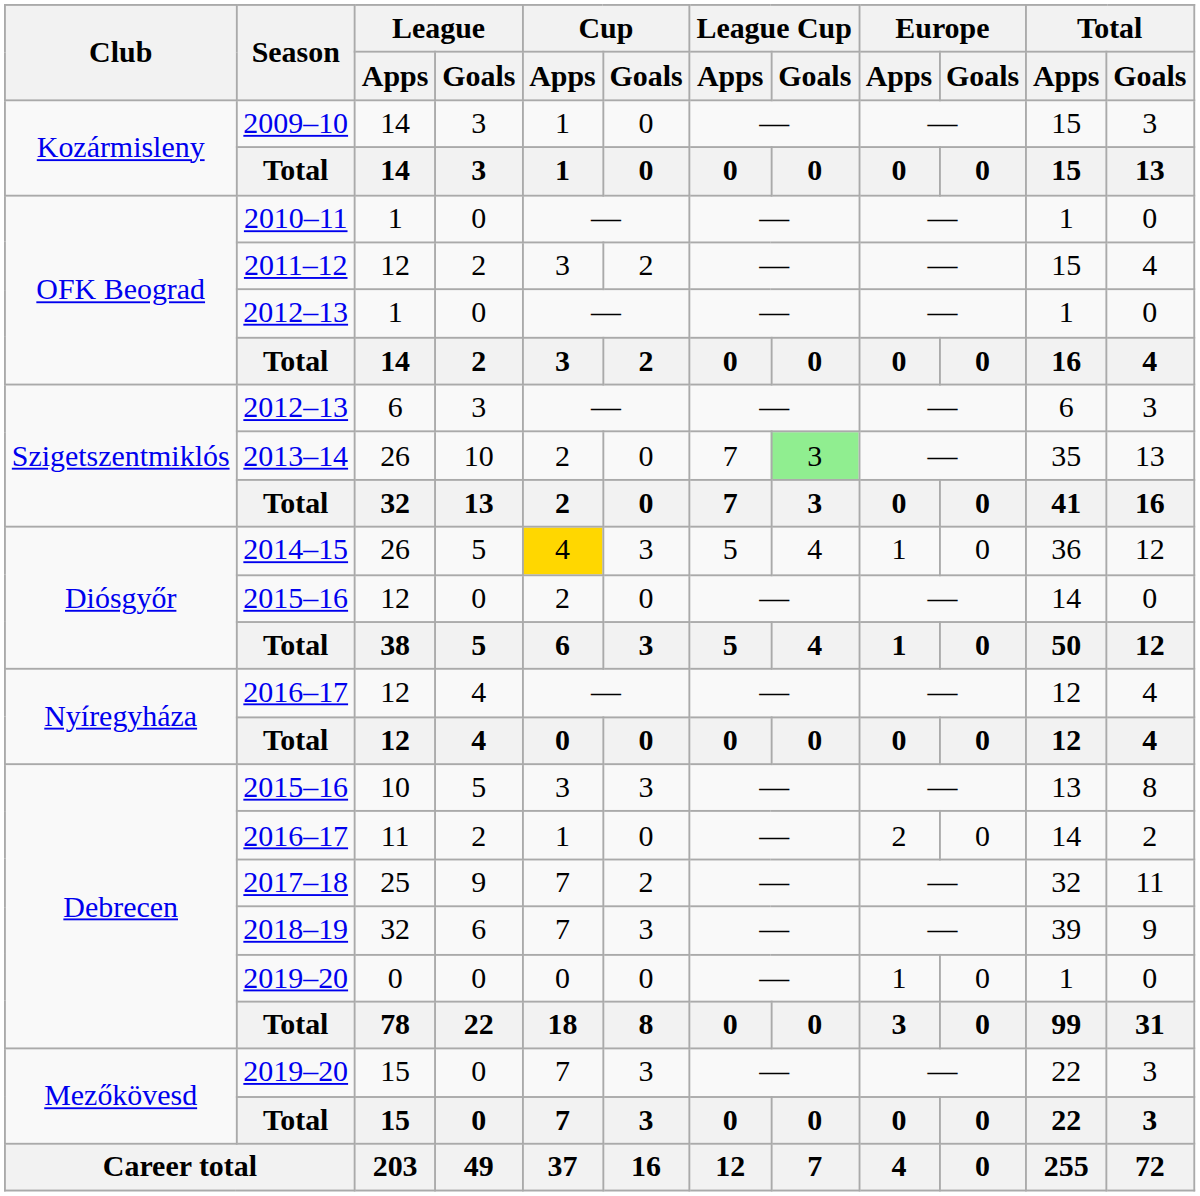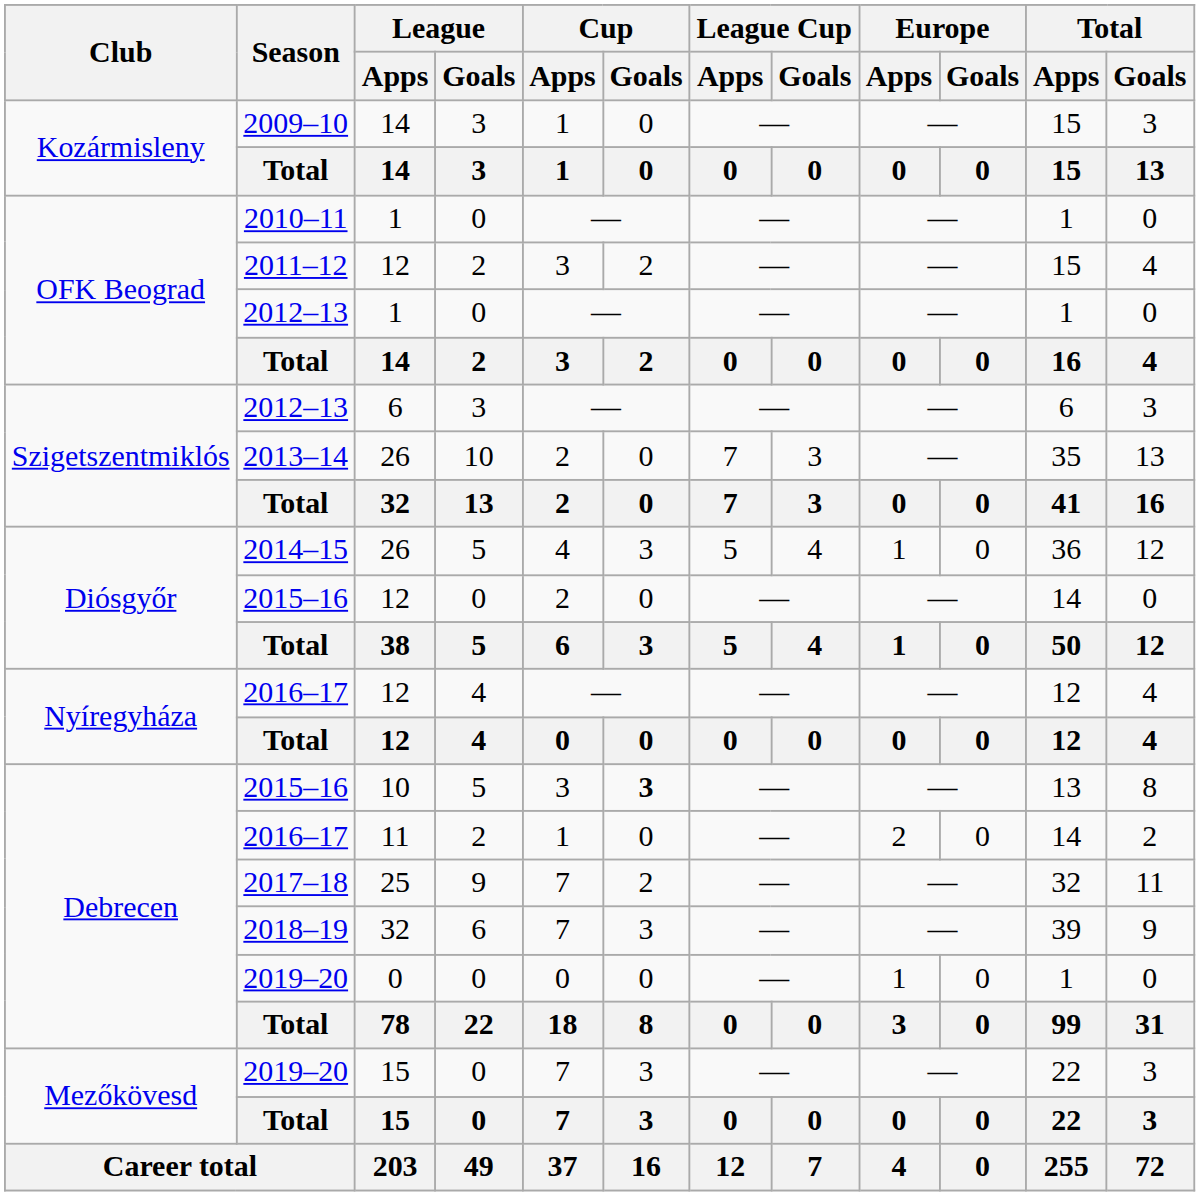 <table class="wikitable" style="text-align:center">
 <tr>
 <th rowspan="2">Club</th>
 <th rowspan="2">Season</th>
 <th colspan="2">League</th>
 <th colspan="2">Cup</th>
 <th colspan="2">League Cup</th>
 <th colspan="2">Europe</th>
 <th colspan="2">Total</th>
 </tr>
 <tr>
 <th>Apps</th>
 <th>Goals</th>
 <th>Apps</th>
 <th>Goals</th>
 <th>Apps</th>
 <th>Goals</th>
 <th>Apps</th>
 <th>Goals</th>
 <th>Apps</th>
 <th>Goals</th>
 </tr>
 <tr>
 <td rowspan="2"><a href='#'>Kozármisleny</a></td>
 <td><a href='#'>2009–10</a></td>
 <td>14</td>
 <td>3</td>
 <td>1</td>
 <td>0</td>
 <td colspan="2">—</td>
 <td colspan="2">—</td>
 <td>15</td>
 <td>3</td>
 </tr>
 <tr>
 <th>Total</th>
 <th>14</th>
 <th>3</th>
 <th>1</th>
 <th>0</th>
 <th>0</th>
 <th>0</th>
 <th>0</th>
 <th>0</th>
 <th>15</th>
 <th>13</th>
 </tr>
 <tr>
 <td rowspan="4"><a href='#'>OFK Beograd</a></td>
 <td><a href='#'>2010–11</a></td>
 <td>1</td>
 <td>0</td>
 <td colspan="2">—</td>
 <td colspan="2">—</td>
 <td colspan="2">—</td>
 <td>1</td>
 <td>0</td>
 </tr>
 <tr>
 <td><a href='#'>2011–12</a></td>
 <td>12</td>
 <td>2</td>
 <td>3</td>
 <td>2</td>
 <td colspan="2">—</td>
 <td colspan="2">—</td>
 <td>15</td>
 <td>4</td>
 </tr>
 <tr>
 <td><a href='#'>2012–13</a></td>
 <td>1</td>
 <td>0</td>
 <td colspan="2">—</td>
 <td colspan="2">—</td>
 <td colspan="2">—</td>
 <td>1</td>
 <td>0</td>
 </tr>
 <tr>
 <th>Total</th>
 <th>14</th>
 <th>2</th>
 <th>3</th>
 <th>2</th>
 <th>0</th>
 <th>0</th>
 <th>0</th>
 <th>0</th>
 <th>16</th>
 <th>4</th>
 </tr>
 <tr>
 <td rowspan="3"><a href='#'>Szigetszentmiklós</a></td>
 <td><a href='#'>2012–13</a></td>
 <td>6</td>
 <td>3</td>
 <td colspan="2">—</td>
 <td colspan="2">—</td>
 <td colspan="2">—</td>
 <td>6</td>
 <td>3</td>
 </tr>
 <tr>
 <td><a href='#'>2013–14</a></td>
 <td>26</td>
 <td>10</td>
 <td>2</td>
 <td>0</td>
 <td>7</td>
-<td style="background: lightgreen;">3</td>
+<td>3</td>
 <td colspan="2">—</td>
 <td>35</td>
 <td>13</td>
 </tr>
 <tr>
 <th>Total</th>
 <th>32</th>
 <th>13</th>
 <th>2</th>
 <th>0</th>
 <th>7</th>
 <th>3</th>
 <th>0</th>
 <th>0</th>
 <th>41</th>
 <th>16</th>
 </tr>
 <tr>
 <td rowspan="3"><a href='#'>Diósgyőr</a></td>
 <td><a href='#'>2014–15</a></td>
 <td>26</td>
 <td>5</td>
-<td style="background: gold;">4</td>
+<td>4</td>
 <td>3</td>
 <td>5</td>
 <td>4</td>
 <td>1</td>
 <td>0</td>
 <td>36</td>
 <td>12</td>
 </tr>
 <tr>
 <td><a href='#'>2015–16</a></td>
 <td>12</td>
 <td>0</td>
 <td>2</td>
 <td>0</td>
 <td colspan="2">—</td>
 <td colspan="2">—</td>
 <td>14</td>
 <td>0</td>
 </tr>
 <tr>
 <th>Total</th>
 <th>38</th>
 <th>5</th>
 <th>6</th>
 <th>3</th>
 <th>5</th>
 <th>4</th>
 <th>1</th>
 <th>0</th>
 <th>50</th>
 <th>12</th>
 </tr>
 <tr>
 <td rowspan="2"><a href='#'>Nyíregyháza</a></td>
 <td><a href='#'>2016–17</a></td>
 <td>12</td>
 <td>4</td>
 <td colspan="2">—</td>
 <td colspan="2">—</td>
 <td colspan="2">—</td>
 <td>12</td>
 <td>4</td>
 </tr>
 <tr>
 <th>Total</th>
 <th>12</th>
 <th>4</th>
 <th>0</th>
 <th>0</th>
 <th>0</th>
 <th>0</th>
 <th>0</th>
 <th>0</th>
 <th>12</th>
 <th>4</th>
 </tr>
 <tr>
 <td rowspan="6"><a href='#'>Debrecen</a></td>
 <td><a href='#'>2015–16</a></td>
 <td>10</td>
 <td>5</td>
 <td>3</td>
-<td>3</td>
+<td><strong>3</strong></td>
 <td colspan="2">—</td>
 <td colspan="2">—</td>
 <td>13</td>
 <td>8</td>
 </tr>
 <tr>
 <td><a href='#'>2016–17</a></td>
 <td>11</td>
 <td>2</td>
 <td>1</td>
 <td>0</td>
 <td colspan="2">—</td>
 <td>2</td>
 <td>0</td>
 <td>14</td>
 <td>2</td>
 </tr>
 <tr>
 <td><a href='#'>2017–18</a></td>
 <td>25</td>
 <td>9</td>
 <td>7</td>
 <td>2</td>
 <td colspan="2">—</td>
 <td colspan="2">—</td>
 <td>32</td>
 <td>11</td>
 </tr>
 <tr>
 <td><a href='#'>2018–19</a></td>
 <td>32</td>
 <td>6</td>
 <td>7</td>
 <td>3</td>
 <td colspan="2">—</td>
 <td colspan="2">—</td>
 <td>39</td>
 <td>9</td>
 </tr>
 <tr>
 <td><a href='#'>2019–20</a></td>
 <td>0</td>
 <td>0</td>
 <td>0</td>
 <td>0</td>
 <td colspan="2">—</td>
 <td>1</td>
 <td>0</td>
 <td>1</td>
 <td>0</td>
 </tr>
 <tr>
 <th>Total</th>
 <th>78</th>
 <th>22</th>
 <th>18</th>
 <th>8</th>
 <th>0</th>
 <th>0</th>
 <th>3</th>
 <th>0</th>
 <th>99</th>
 <th>31</th>
 </tr>
 <tr>
 <td rowspan="2"><a href='#'>Mezőkövesd</a></td>
 <td><a href='#'>2019–20</a></td>
 <td>15</td>
 <td>0</td>
 <td>7</td>
 <td>3</td>
 <td colspan="2">—</td>
 <td colspan="2">—</td>
 <td>22</td>
 <td>3</td>
 </tr>
 <tr>
 <th>Total</th>
 <th>15</th>
 <th>0</th>
 <th>7</th>
 <th>3</th>
 <th>0</th>
 <th>0</th>
 <th>0</th>
 <th>0</th>
 <th>22</th>
 <th>3</th>
 </tr>
 <tr>
 <th colspan="2">Career total</th>
 <th>203</th>
 <th>49</th>
 <th>37</th>
 <th>16</th>
 <th>12</th>
 <th>7</th>
 <th>4</th>
 <th>0</th>
 <th>255</th>
 <th>72</th>
 </tr>
 </table>
